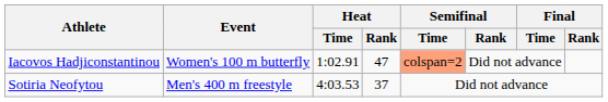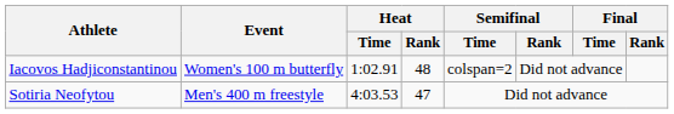 <table class=wikitable style="font-size:90%">
 <tr>
 <th rowspan="2">Athlete</th>
 <th rowspan="2">Event</th>
 <th colspan="2">Heat</th>
 <th colspan="2">Semifinal</th>
 <th colspan="2">Final</th>
 </tr>
 <tr style="font-size:95%">
 <th>Time</th>
 <th>Rank</th>
 <th>Time</th>
 <th>Rank</th>
 <th>Time</th>
 <th>Rank</th>
 </tr>
 <tr align=center>
 <td align=left><a href='#'>Iacovos Hadjiconstantinou</a></td>
 <td align=left><a href='#'>Women's 100 m butterfly</a></td>
 <td>1:02.91</td>
-<td>47</td>
-<td style="background: lightsalmon;">colspan=2 </td>
+<td>48</td>
+<td>colspan=2 </td>
 <td colspan=2>Did not advance</td>
 </tr>
 <tr align=center>
 <td align=left><a href='#'>Sotiria Neofytou</a></td>
 <td align=left><a href='#'>Men's 400 m freestyle</a></td>
 <td>4:03.53</td>
-<td>37</td>
+<td>47</td>
 <td colspan=4>Did not advance</td>
 </tr>
 </table>
